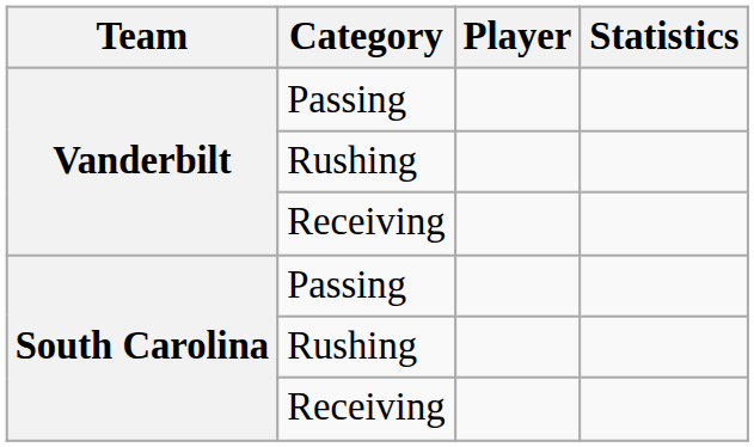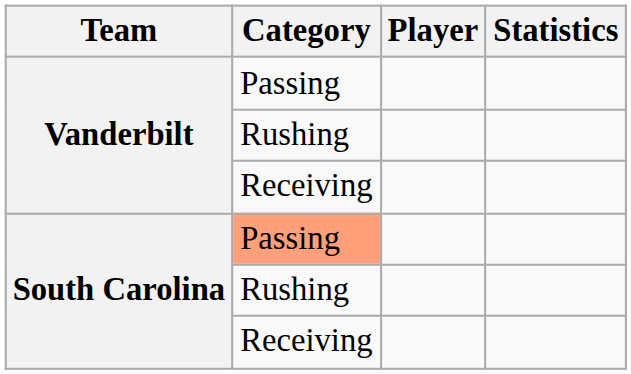 <table class="wikitable" style="float:right">
 <tr>
 <th>Team</th>
 <th>Category</th>
 <th>Player</th>
 <th>Statistics</th>
 </tr>
 <tr>
 <th rowspan=3>Vanderbilt</th>
 <td>Passing</td>
 <td></td>
 <td></td>
 </tr>
 <tr>
 <td>Rushing</td>
 <td></td>
 <td></td>
 </tr>
 <tr>
 <td>Receiving</td>
 <td></td>
 <td></td>
 </tr>
 <tr>
 <th rowspan=3>South Carolina</th>
-<td>Passing</td>
+<td style="background: lightsalmon;">Passing</td>
 <td></td>
 <td></td>
 </tr>
 <tr>
 <td>Rushing</td>
 <td></td>
 <td></td>
 </tr>
 <tr>
 <td>Receiving</td>
 <td></td>
 <td></td>
 </tr>
 </table>
